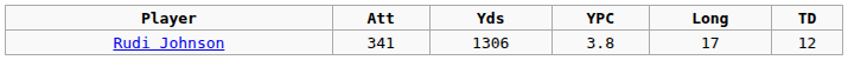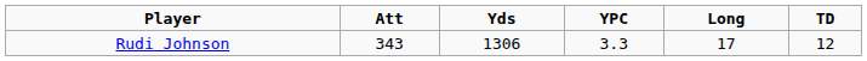 <table class="wikitable" style="width:80%;">
 <tr align="center">
 <td><strong>Player</strong></td>
 <td><strong>Att</strong></td>
 <td><strong>Yds</strong></td>
 <td><strong>YPC</strong></td>
 <td><strong>Long</strong></td>
 <td><strong>TD</strong></td>
 </tr>
 <tr style="text-align:center;" bgcolor="">
 <td><a href='#'>Rudi Johnson</a></td>
-<td>341</td>
+<td>343</td>
 <td>1306</td>
-<td>3.8</td>
+<td>3.3</td>
 <td>17</td>
 <td>12</td>
 </tr>
 </table>
